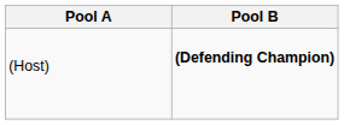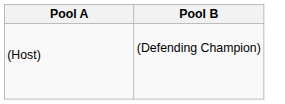 <table class="wikitable">
 <tr>
 <th width=50%>Pool A</th>
 <th width=50%>Pool B</th>
 </tr>
 <tr>
 <td><br> (Host)<br> <br> <br> </td>
-<td><strong><br> (Defending Champion)<br> <br> <br> <br> </strong></td>
+<td><br> (Defending Champion)<br> <br> <br> <br> </td>
 </tr>
 </table>
